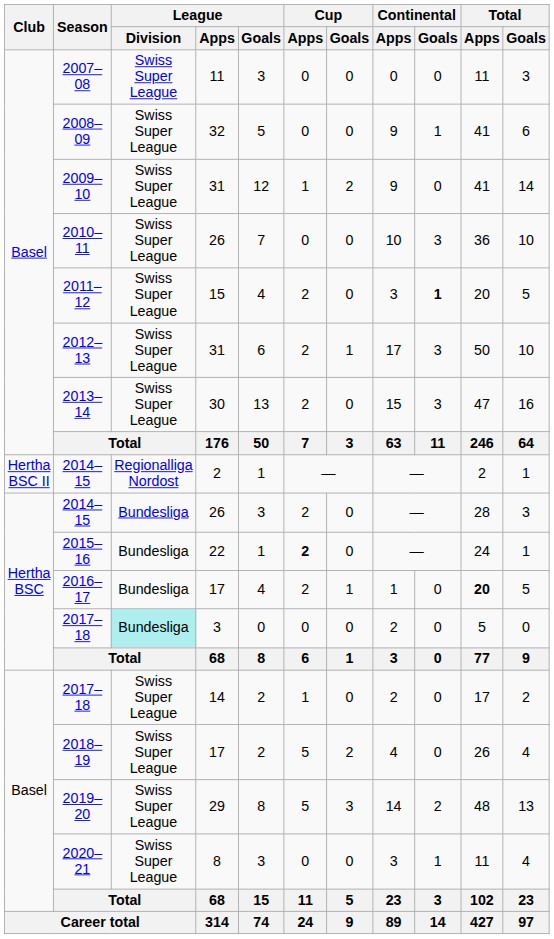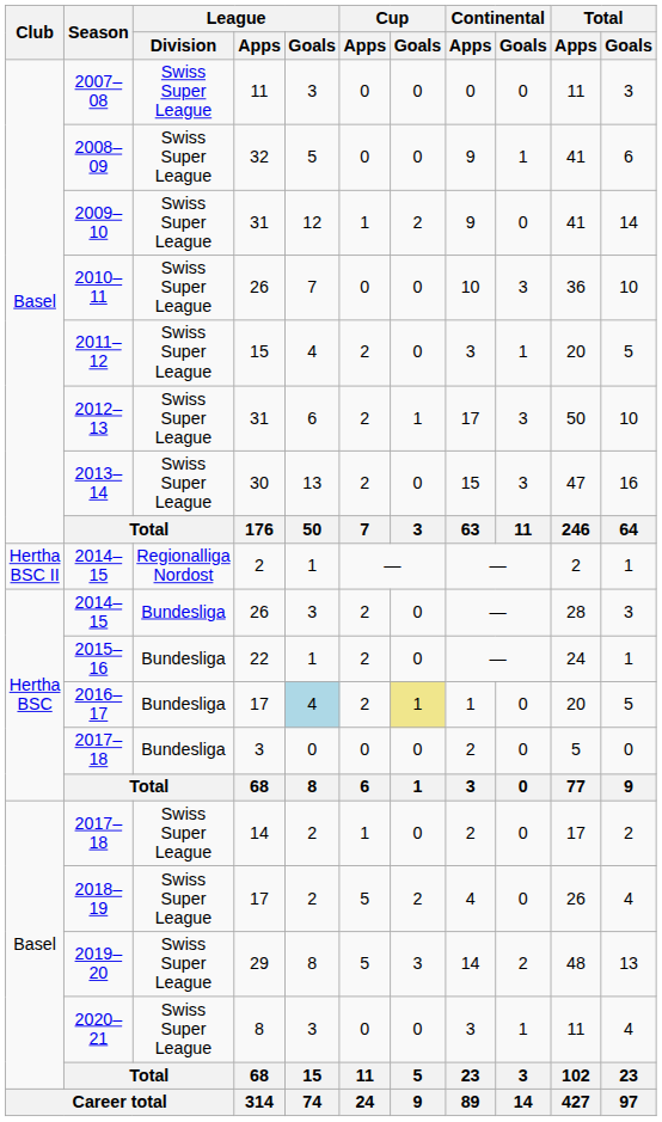 <table class="wikitable" style="text-align:center">
 <tr>
 <th rowspan="2">Club</th>
 <th rowspan="2">Season</th>
 <th colspan="3">League</th>
 <th colspan="2">Cup</th>
 <th colspan="2">Continental</th>
 <th colspan="2">Total</th>
 </tr>
 <tr>
 <th>Division</th>
 <th>Apps</th>
 <th>Goals</th>
 <th>Apps</th>
 <th>Goals</th>
 <th>Apps</th>
 <th>Goals</th>
 <th>Apps</th>
 <th>Goals</th>
 </tr>
 <tr>
 <td rowspan="8"><a href='#'>Basel</a></td>
 <td><a href='#'>2007–08</a></td>
 <td><a href='#'>Swiss Super League</a></td>
 <td>11</td>
 <td>3</td>
 <td>0</td>
 <td>0</td>
 <td>0</td>
 <td>0</td>
 <td>11</td>
 <td>3</td>
 </tr>
 <tr>
 <td><a href='#'>2008–09</a></td>
 <td>Swiss Super League</td>
 <td>32</td>
 <td>5</td>
 <td>0</td>
 <td>0</td>
 <td>9</td>
 <td>1</td>
 <td>41</td>
 <td>6</td>
 </tr>
 <tr>
 <td><a href='#'>2009–10</a></td>
 <td>Swiss Super League</td>
 <td>31</td>
 <td>12</td>
 <td>1</td>
 <td>2</td>
 <td>9</td>
 <td>0</td>
 <td>41</td>
 <td>14</td>
 </tr>
 <tr>
 <td><a href='#'>2010–11</a></td>
 <td>Swiss Super League</td>
 <td>26</td>
 <td>7</td>
 <td>0</td>
 <td>0</td>
 <td>10</td>
 <td>3</td>
 <td>36</td>
 <td>10</td>
 </tr>
 <tr>
 <td><a href='#'>2011–12</a></td>
 <td>Swiss Super League</td>
 <td>15</td>
 <td>4</td>
 <td>2</td>
 <td>0</td>
 <td>3</td>
-<td><strong>1</strong></td>
+<td>1</td>
 <td>20</td>
 <td>5</td>
 </tr>
 <tr>
 <td><a href='#'>2012–13</a></td>
 <td>Swiss Super League</td>
 <td>31</td>
 <td>6</td>
 <td>2</td>
 <td>1</td>
 <td>17</td>
 <td>3</td>
 <td>50</td>
 <td>10</td>
 </tr>
 <tr>
 <td><a href='#'>2013–14</a></td>
 <td>Swiss Super League</td>
 <td>30</td>
 <td>13</td>
 <td>2</td>
 <td>0</td>
 <td>15</td>
 <td>3</td>
 <td>47</td>
 <td>16</td>
 </tr>
 <tr>
 <th colspan="2">Total</th>
 <th>176</th>
 <th>50</th>
 <th>7</th>
 <th>3</th>
 <th>63</th>
 <th>11</th>
 <th>246</th>
 <th>64</th>
 </tr>
 <tr>
 <td><a href='#'>Hertha BSC II</a></td>
 <td><a href='#'>2014–15</a></td>
 <td><a href='#'>Regionalliga Nordost</a></td>
 <td>2</td>
 <td>1</td>
 <td colspan="2">—</td>
 <td colspan="2">—</td>
 <td>2</td>
 <td>1</td>
 </tr>
 <tr>
 <td rowspan="5"><a href='#'>Hertha BSC</a></td>
 <td><a href='#'>2014–15</a></td>
 <td><a href='#'>Bundesliga</a></td>
 <td>26</td>
 <td>3</td>
 <td>2</td>
 <td>0</td>
 <td colspan="2">—</td>
 <td>28</td>
 <td>3</td>
 </tr>
 <tr>
 <td><a href='#'>2015–16</a></td>
 <td>Bundesliga</td>
 <td>22</td>
 <td>1</td>
-<td><strong>2</strong></td>
+<td>2</td>
 <td>0</td>
 <td colspan="2">—</td>
 <td>24</td>
 <td>1</td>
 </tr>
 <tr>
 <td><a href='#'>2016–17</a></td>
 <td>Bundesliga</td>
 <td>17</td>
-<td>4</td>
+<td style="background: lightblue;">4</td>
 <td>2</td>
-<td>1</td>
+<td style="background: khaki;">1</td>
 <td>1</td>
 <td>0</td>
-<td><strong>20</strong></td>
+<td>20</td>
 <td>5</td>
 </tr>
 <tr>
 <td><a href='#'>2017–18</a></td>
-<td style="background: paleturquoise;">Bundesliga</td>
+<td>Bundesliga</td>
 <td>3</td>
 <td>0</td>
 <td>0</td>
 <td>0</td>
 <td>2</td>
 <td>0</td>
 <td>5</td>
 <td>0</td>
 </tr>
 <tr>
 <th colspan="2">Total</th>
 <th>68</th>
 <th>8</th>
 <th>6</th>
 <th>1</th>
 <th>3</th>
 <th>0</th>
 <th>77</th>
 <th>9</th>
 </tr>
 <tr>
 <td rowspan="5">Basel</td>
 <td><a href='#'>2017–18</a></td>
 <td>Swiss Super League</td>
 <td>14</td>
 <td>2</td>
 <td>1</td>
 <td>0</td>
 <td>2</td>
 <td>0</td>
 <td>17</td>
 <td>2</td>
 </tr>
 <tr>
 <td><a href='#'>2018–19</a></td>
 <td>Swiss Super League</td>
 <td>17</td>
 <td>2</td>
 <td>5</td>
 <td>2</td>
 <td>4</td>
 <td>0</td>
 <td>26</td>
 <td>4</td>
 </tr>
 <tr>
 <td><a href='#'>2019–20</a></td>
 <td>Swiss Super League</td>
 <td>29</td>
 <td>8</td>
 <td>5</td>
 <td>3</td>
 <td>14</td>
 <td>2</td>
 <td>48</td>
 <td>13</td>
 </tr>
 <tr>
 <td><a href='#'>2020–21</a></td>
 <td>Swiss Super League</td>
 <td>8</td>
 <td>3</td>
 <td>0</td>
 <td>0</td>
 <td>3</td>
 <td>1</td>
 <td>11</td>
 <td>4</td>
 </tr>
 <tr>
 <th colspan="2">Total</th>
 <th>68</th>
 <th>15</th>
 <th>11</th>
 <th>5</th>
 <th>23</th>
 <th>3</th>
 <th>102</th>
 <th>23</th>
 </tr>
 <tr>
 <th colspan="3">Career total</th>
 <th>314</th>
 <th>74</th>
 <th>24</th>
 <th>9</th>
 <th>89</th>
 <th>14</th>
 <th>427</th>
 <th>97</th>
 </tr>
 </table>
